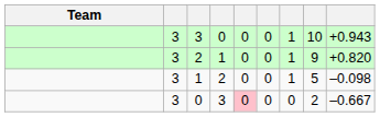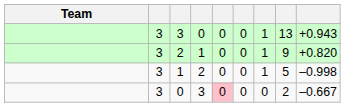 <table class="wikitable" style="text-align:center">
 <tr>
 <th width=180>Team</th>
 <th width=20></th>
 <th width=20></th>
 <th width=20></th>
 <th width=20></th>
 <th width=20></th>
 <th width=20></th>
 <th width=20></th>
 <th width=45></th>
 </tr>
 <tr style="background:#cfc">
 <td align="left"></td>
 <td>3</td>
 <td>3</td>
 <td>0</td>
 <td>0</td>
 <td>0</td>
 <td>1</td>
-<td>10</td>
+<td>13</td>
 <td>+0.943</td>
 </tr>
 <tr style="background:#cfc">
 <td align="left"></td>
 <td>3</td>
 <td>2</td>
 <td>1</td>
 <td>0</td>
 <td>0</td>
 <td>1</td>
 <td>9</td>
 <td>+0.820</td>
 </tr>
 <tr>
 <td align="left"></td>
 <td>3</td>
 <td>1</td>
 <td>2</td>
 <td>0</td>
 <td>0</td>
 <td>1</td>
 <td>5</td>
-<td>–0.098</td>
+<td>–0.998</td>
 </tr>
 <tr>
 <td align="left"></td>
 <td>3</td>
 <td>0</td>
 <td>3</td>
 <td style="background: pink;">0</td>
 <td>0</td>
 <td>0</td>
 <td>2</td>
 <td>–0.667</td>
 </tr>
 </table>
